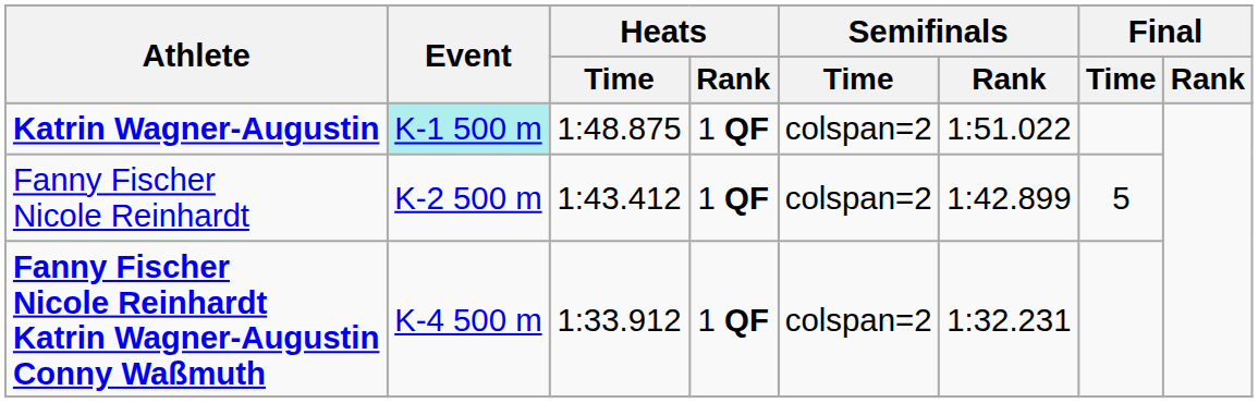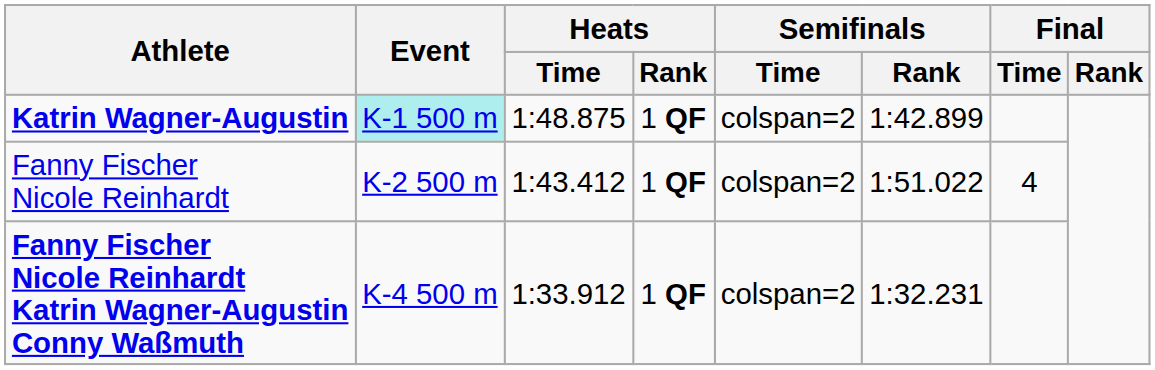 <table class="wikitable" style="font-size:90%">
 <tr>
 <th rowspan=2>Athlete</th>
 <th rowspan=2>Event</th>
 <th colspan=2>Heats</th>
 <th colspan=2>Semifinals</th>
 <th colspan=2>Final</th>
 </tr>
 <tr style="font-size:95%">
 <th>Time</th>
 <th>Rank</th>
 <th>Time</th>
 <th>Rank</th>
 <th>Time</th>
 <th>Rank</th>
 </tr>
 <tr align=center>
 <td align=left><strong><a href='#'>Katrin Wagner-Augustin</a></strong></td>
 <td align=left style="background: paleturquoise;"><a href='#'>K-1 500 m</a></td>
 <td>1:48.875</td>
 <td>1 <strong>QF</strong></td>
 <td>colspan=2 </td>
-<td>1:51.022</td>
+<td>1:42.899</td>
 <td></td>
 </tr>
 <tr align=center>
 <td align=left><a href='#'>Fanny Fischer</a><br><a href='#'>Nicole Reinhardt</a></td>
 <td align=left><a href='#'>K-2 500 m</a></td>
 <td>1:43.412</td>
 <td>1 <strong>QF</strong></td>
 <td>colspan=2 </td>
-<td>1:42.899</td>
-<td>5</td>
+<td>1:51.022</td>
+<td>4</td>
 </tr>
 <tr align=center>
 <td align=left><strong><a href='#'>Fanny Fischer</a><br><a href='#'>Nicole Reinhardt</a><br><a href='#'>Katrin Wagner-Augustin</a><br><a href='#'>Conny Waßmuth</a></strong></td>
 <td align=left><a href='#'>K-4 500 m</a></td>
 <td>1:33.912</td>
 <td>1 <strong>QF</strong></td>
 <td>colspan=2 </td>
 <td>1:32.231</td>
 <td></td>
 </tr>
 </table>
